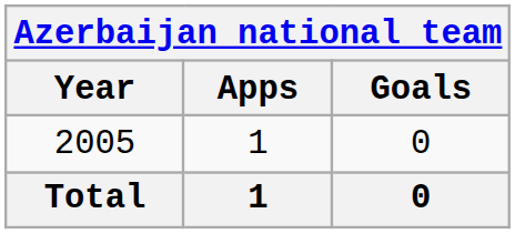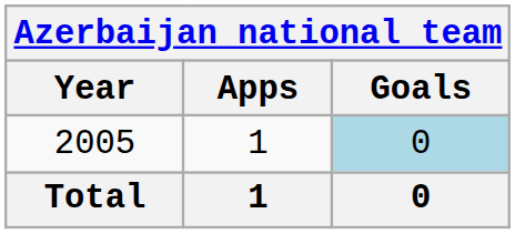 <table class="wikitable" style="text-align:center">
 <tr>
 <th colspan=3><a href='#'>Azerbaijan national team</a></th>
 </tr>
 <tr>
 <th>Year</th>
 <th>Apps</th>
 <th>Goals</th>
 </tr>
 <tr>
 <td>2005</td>
 <td>1</td>
-<td>0</td>
+<td style="background: lightblue;">0</td>
 </tr>
 <tr>
 <th>Total</th>
 <th>1</th>
 <th>0</th>
 </tr>
 </table>
